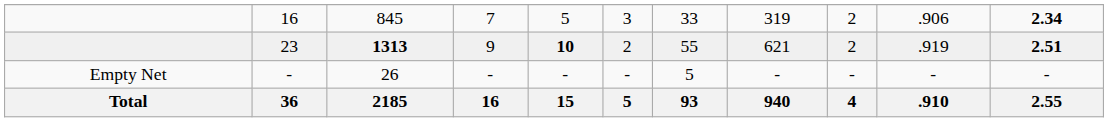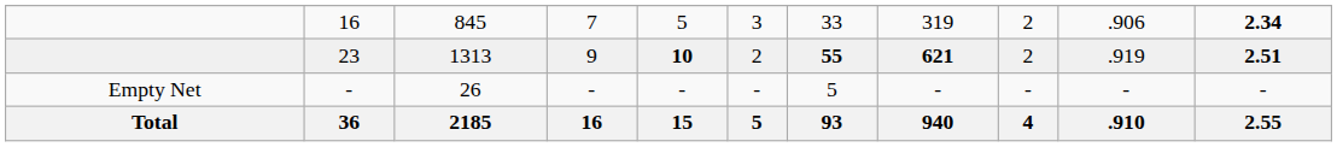 <table class="wikitable sortable" width ="1000">
 <tr align="center">
 </tr>
 <tr align="center">
 <td></td>
 <td>16</td>
 <td>845</td>
 <td>7</td>
 <td>5</td>
 <td>3</td>
 <td>33</td>
 <td>319</td>
 <td>2</td>
 <td>.906</td>
 <td><strong>2.34</strong></td>
 </tr>
 <tr align="center" bgcolor="#f0f0f0">
 <td></td>
 <td>23</td>
-<td><strong>1313</strong></td>
+<td>1313</td>
 <td>9</td>
 <td><strong>10</strong></td>
 <td>2</td>
-<td>55</td>
-<td>621</td>
+<td><strong>55</strong></td>
+<td><strong>621</strong></td>
 <td>2</td>
 <td>.919</td>
 <td><strong>2.51</strong></td>
 </tr>
 <tr align="center" bgcolor="">
 <td>Empty Net</td>
 <td>-</td>
 <td>26</td>
 <td>-</td>
 <td>-</td>
 <td>-</td>
 <td>5</td>
 <td>-</td>
 <td>-</td>
 <td>-</td>
 <td>-</td>
 </tr>
 <tr>
 <th>Total</th>
 <th>36</th>
 <th>2185</th>
 <th>16</th>
 <th>15</th>
 <th>5</th>
 <th>93</th>
 <th>940</th>
 <th>4</th>
 <th>.910</th>
 <th>2.55</th>
 </tr>
 </table>
